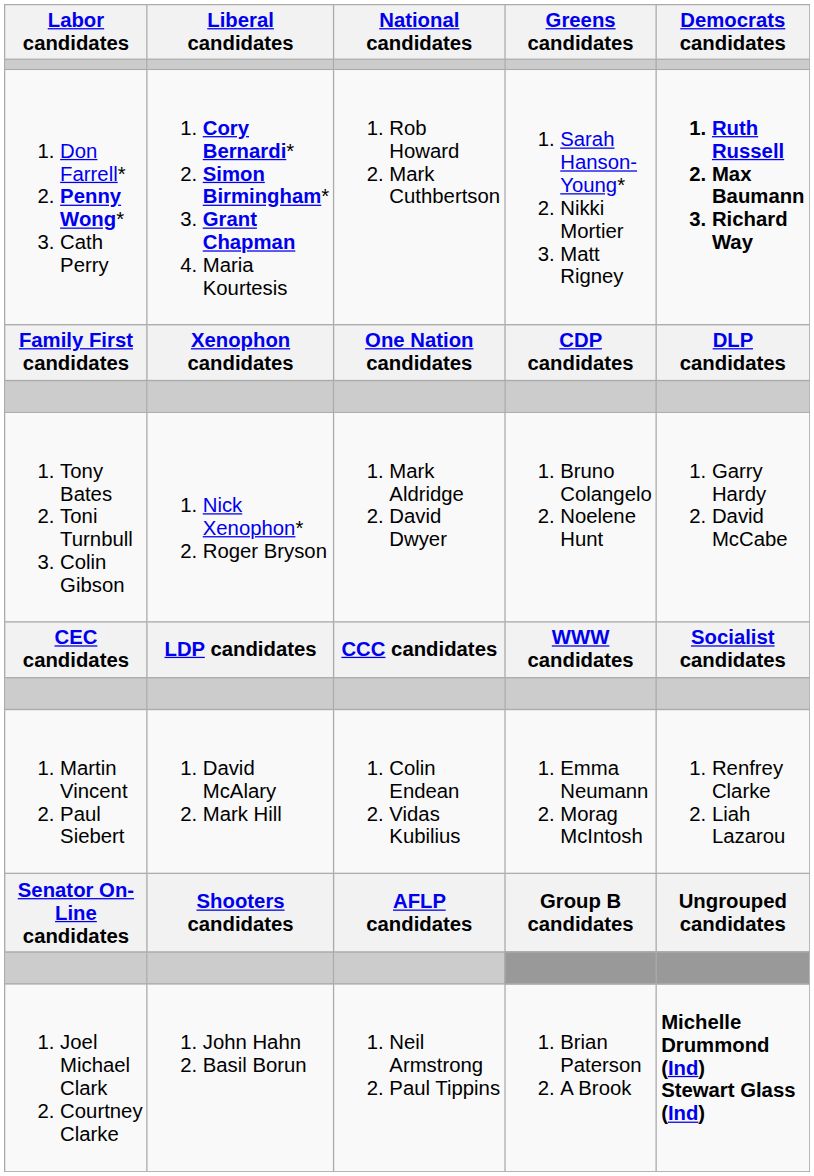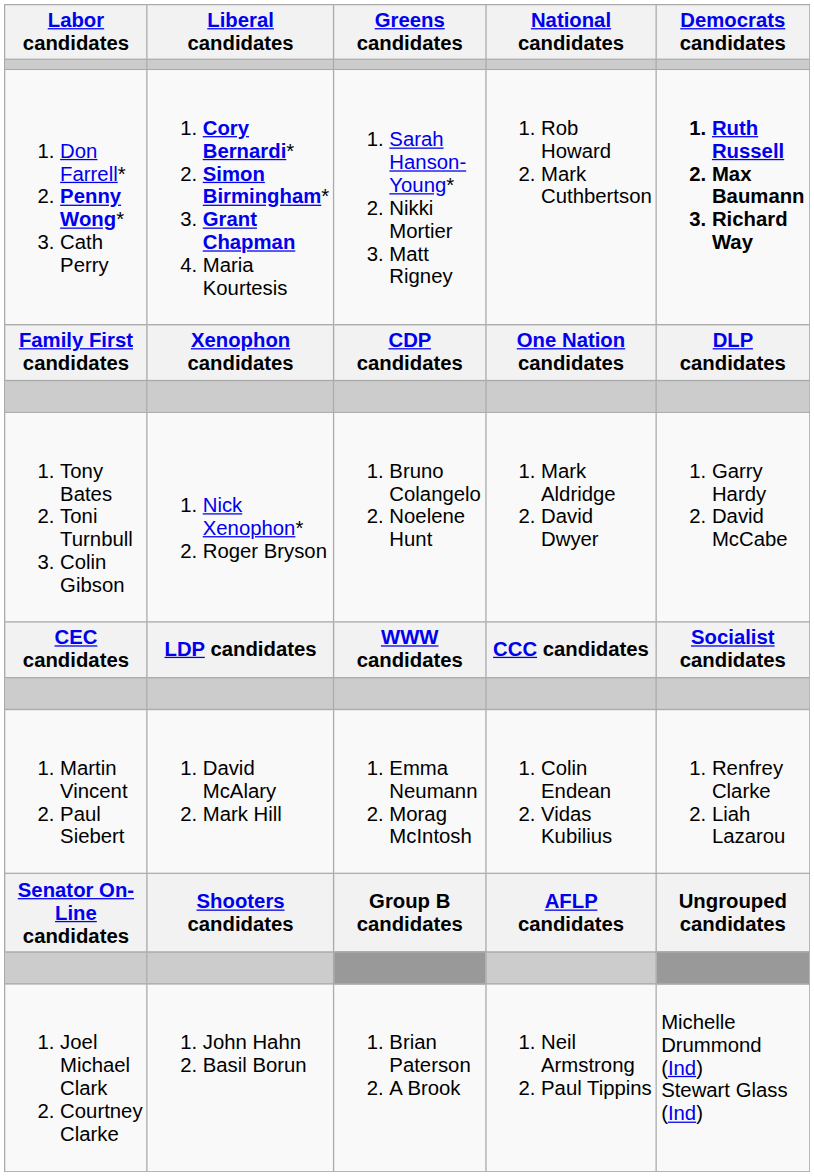 <table class="wikitable">
 <tr>
 <th><a href='#'>Labor</a> candidates</th>
 <th><a href='#'>Liberal</a> candidates</th>
+<th><a href='#'>Greens</a> candidates</th>
 <th><a href='#'>National</a> candidates</th>
-<th><a href='#'>Greens</a> candidates</th>
 <th><a href='#'>Democrats</a> candidates</th>
 </tr>
 <tr style="background:#ccc;">
 <td></td>
 <td></td>
 <td></td>
 <td></td>
 <td></td>
 </tr>
 <tr>
 <td><br><ol><li><a href='#'>Don Farrell</a>*</li><li><strong><a href='#'>Penny Wong</a></strong>*</li><li>Cath Perry</li></ol></td>
 <td><br><ol><li><strong><a href='#'>Cory Bernardi</a></strong>*</li><li><strong><a href='#'>Simon Birmingham</a></strong>*</li><li><strong><a href='#'>Grant Chapman</a></strong></li><li>Maria Kourtesis</li></ol></td>
+<td><br><ol><li><a href='#'>Sarah Hanson-Young</a>*</li><li>Nikki Mortier</li><li>Matt Rigney</li></ol></td>
 <td valign=top><br><ol><li>Rob Howard</li><li>Mark Cuthbertson</li></ol></td>
-<td><br><ol><li><a href='#'>Sarah Hanson-Young</a>*</li><li>Nikki Mortier</li><li>Matt Rigney</li></ol></td>
 <td valign=top><strong><br><ol><li><a href='#'>Ruth Russell</a></li><li>Max Baumann</li><li>Richard Way</li></ol></strong></td>
 </tr>
 <tr style="background:#ccc;">
 <th><a href='#'>Family First</a> candidates</th>
 <th><a href='#'>Xenophon</a> candidates</th>
+<th><a href='#'>CDP</a> candidates</th>
 <th><a href='#'>One Nation</a> candidates</th>
-<th><a href='#'>CDP</a> candidates</th>
 <th><a href='#'>DLP</a> candidates</th>
 </tr>
 <tr style="background:#ccc;">
 <td></td>
 <td></td>
 <td></td>
 <td></td>
 <td> </td>
 </tr>
 <tr>
 <td valign=top><br><ol><li>Tony Bates</li><li>Toni Turnbull</li><li>Colin Gibson</li></ol></td>
 <td><br><ol><li><a href='#'>Nick Xenophon</a>*</li><li>Roger Bryson</li></ol></td>
+<td valign=top><br><ol><li>Bruno Colangelo</li><li>Noelene Hunt</li></ol></td>
 <td valign=top><br><ol><li>Mark Aldridge</li><li>David Dwyer</li></ol></td>
-<td valign=top><br><ol><li>Bruno Colangelo</li><li>Noelene Hunt</li></ol></td>
 <td valign=top><br><ol><li>Garry  Hardy</li><li>David McCabe</li></ol></td>
 </tr>
 <tr style="background:#ccc;">
 <th><a href='#'>CEC</a> candidates</th>
 <th><a href='#'>LDP</a> candidates</th>
+<th><a href='#'>WWW</a> candidates</th>
 <th><a href='#'>CCC</a> candidates</th>
-<th><a href='#'>WWW</a> candidates</th>
 <th><a href='#'>Socialist</a> candidates</th>
 </tr>
 <tr style="background:#ccc;">
 <td></td>
 <td></td>
 <td></td>
 <td></td>
 <td> </td>
 </tr>
 <tr>
 <td valign=top><br><ol><li>Martin Vincent</li><li>Paul Siebert</li></ol></td>
 <td valign=top><br><ol><li>David McAlary</li><li>Mark Hill</li></ol></td>
+<td valign=top><br><ol><li>Emma Neumann</li><li>Morag McIntosh</li></ol></td>
 <td valign=top><br><ol><li>Colin Endean</li><li>Vidas Kubilius</li></ol></td>
-<td valign=top><br><ol><li>Emma Neumann</li><li>Morag McIntosh</li></ol></td>
 <td valign=top><br><ol><li>Renfrey Clarke</li><li>Liah Lazarou</li></ol></td>
 </tr>
 <tr style="background:#ccc;">
 <th><a href='#'>Senator On-Line</a> candidates</th>
 <th><a href='#'>Shooters</a> candidates</th>
+<th>Group B candidates</th>
 <th><a href='#'>AFLP</a> candidates</th>
-<th>Group B candidates</th>
 <th>Ungrouped candidates</th>
 </tr>
 <tr style="background:#ccc;">
 <td></td>
 <td></td>
+<td style="background:#999;"></td>
 <td></td>
-<td style="background:#999;"></td>
 <td style="background:#999;"> </td>
 </tr>
 <tr>
 <td valign=top><br><ol><li>Joel Michael Clark</li><li>Courtney Clarke</li></ol></td>
 <td valign=top><br><ol><li>John Hahn</li><li>Basil Borun</li></ol></td>
+<td valign=top><br><ol><li>Brian Paterson</li><li>A Brook</li></ol></td>
 <td valign=top><br><ol><li>Neil Armstrong</li><li>Paul Tippins</li></ol></td>
-<td valign=top><br><ol><li>Brian Paterson</li><li>A Brook</li></ol></td>
-<td valign=top><strong><br>Michelle Drummond  (<a href='#'>Ind</a>)<br> Stewart Glass (<a href='#'>Ind</a>)</strong></td>
+<td valign=top><br>Michelle Drummond  (<a href='#'>Ind</a>)<br> Stewart Glass (<a href='#'>Ind</a>)</td>
 </tr>
 </table>
